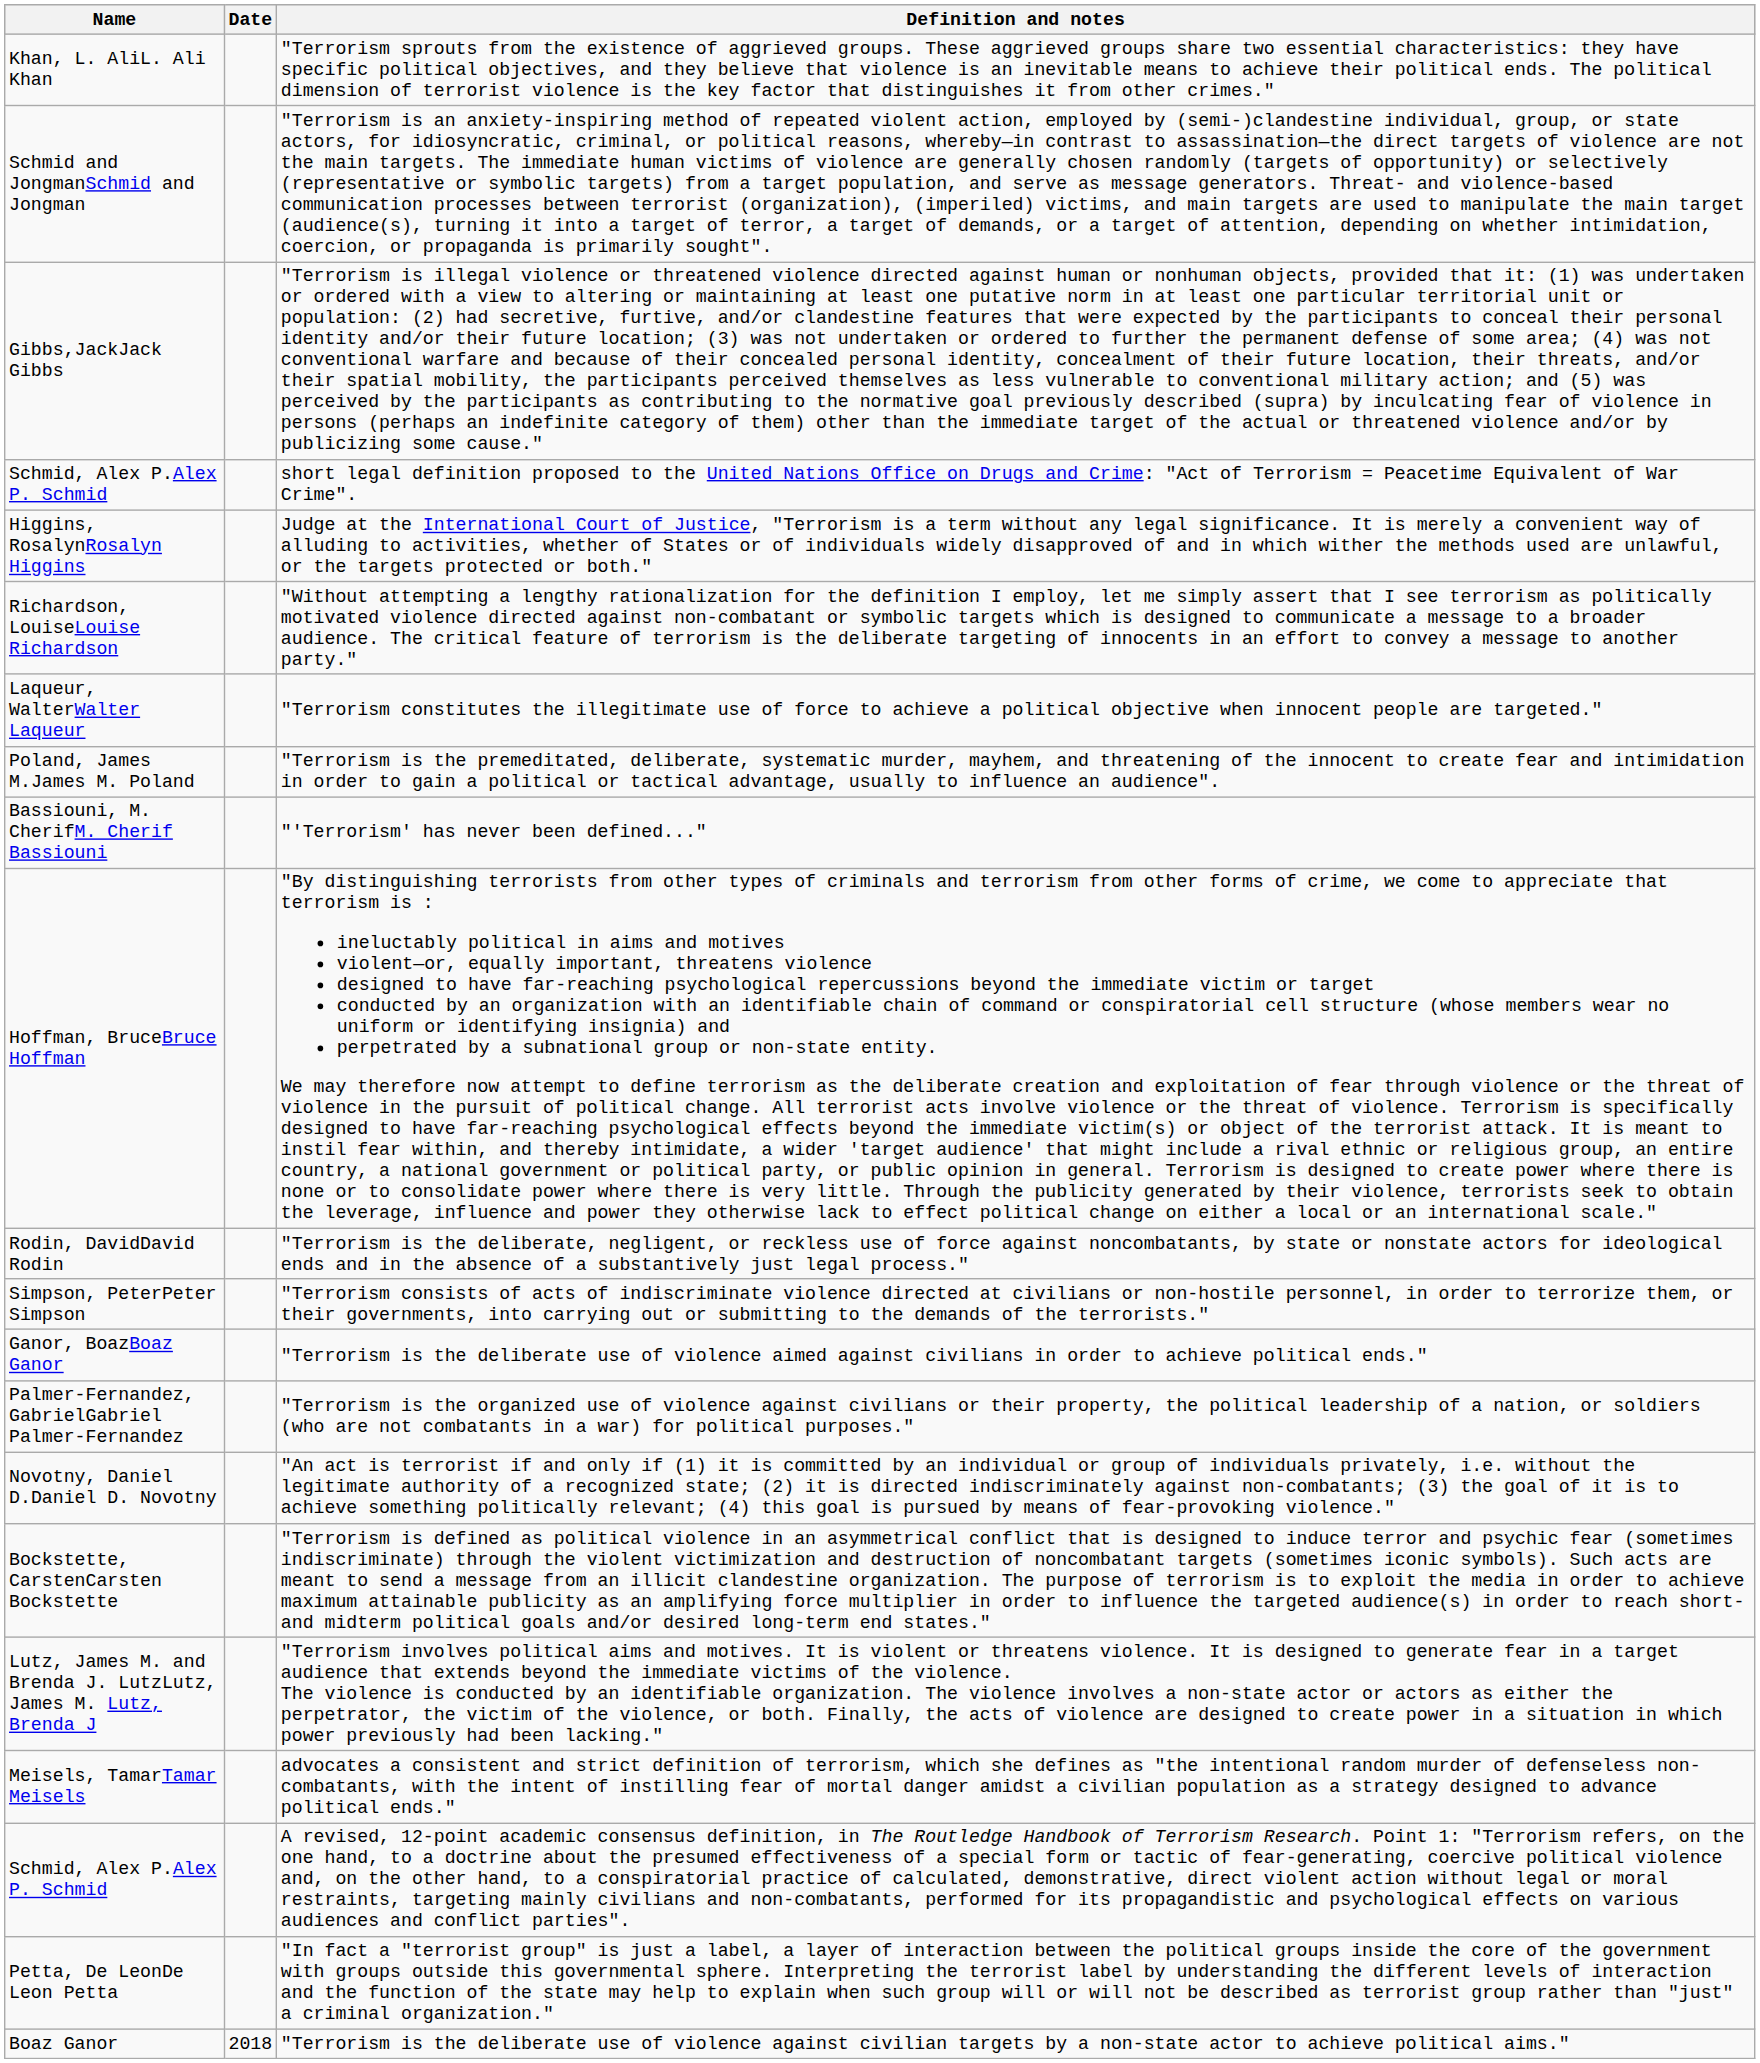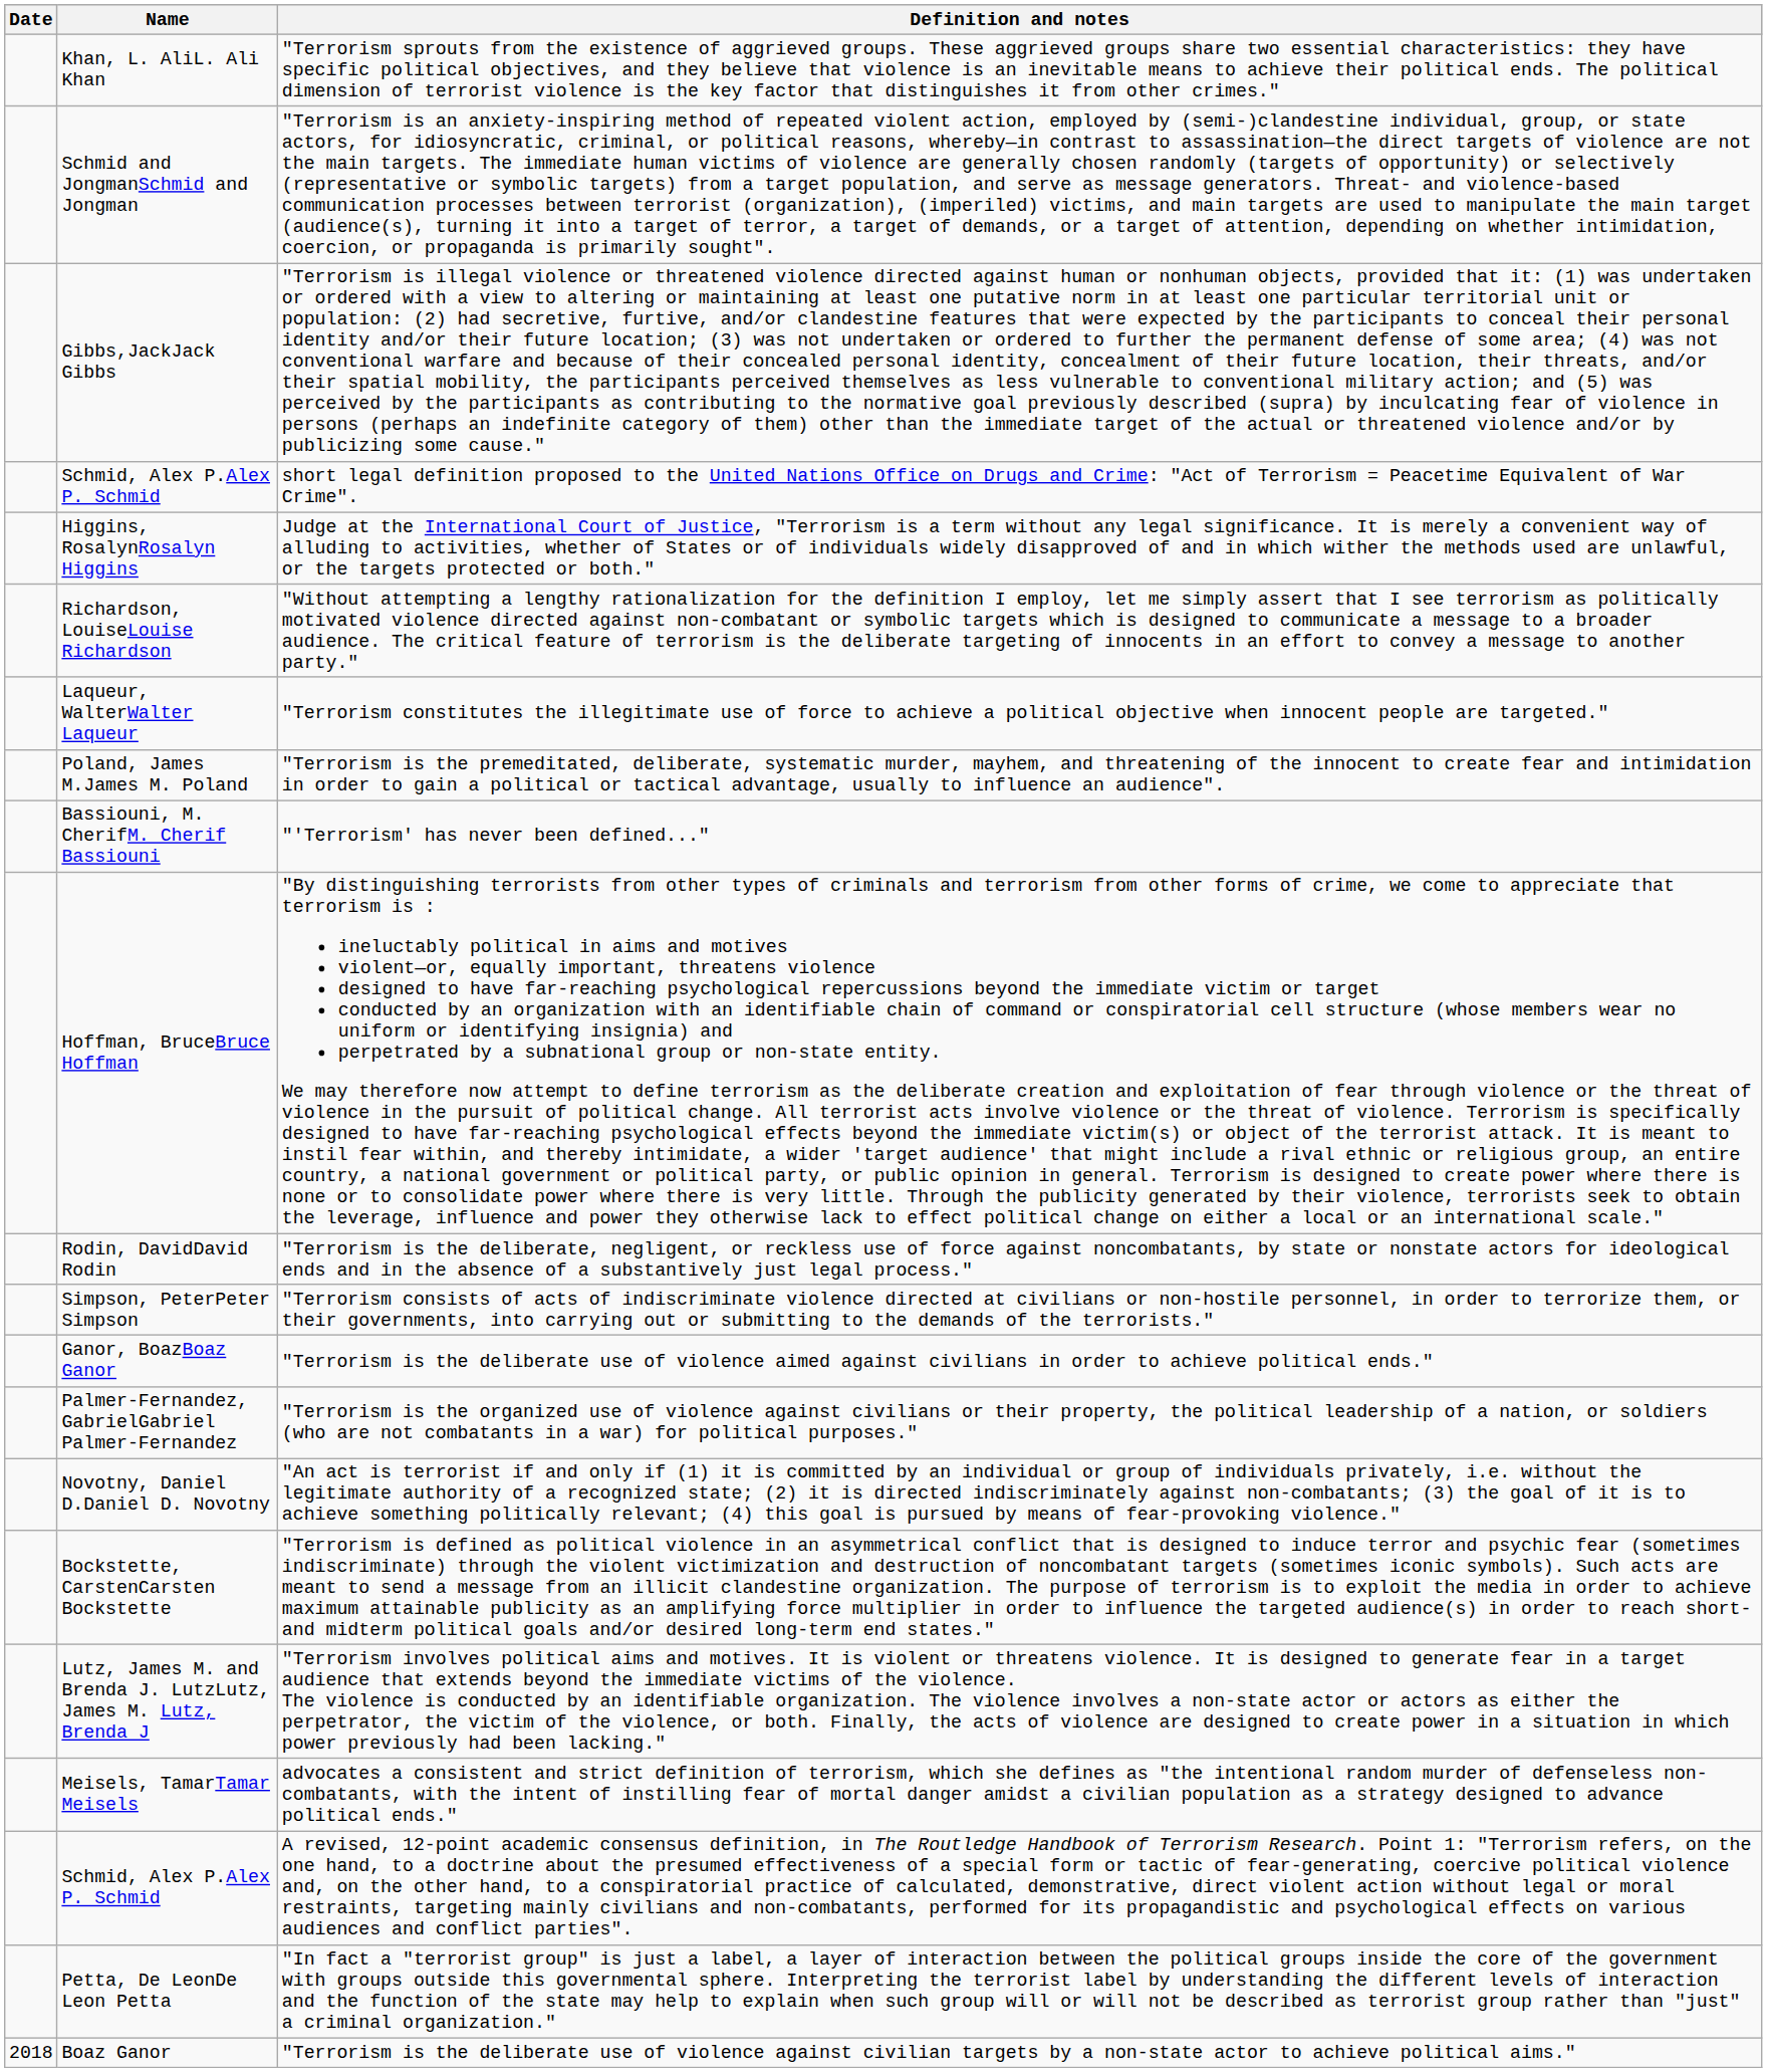 <table class="wikitable sortable">
 <tr style="background:silver">
+<th style= style="width:7%;">Date</th>
 <th style= style="width:14%;">Name</th>
-<th style= style="width:7%;">Date</th>
 <th class="unsortable">Definition and notes</th>
 </tr>
 <tr>
+<td></td>
 <td><span>Khan, L. Ali</span>L. Ali Khan</td>
-<td></td>
 <td>"Terrorism sprouts from the existence of aggrieved groups. These aggrieved groups share two essential characteristics: they have specific political objectives, and they believe that violence is an inevitable means to achieve their political ends. The political dimension of terrorist violence is the key factor that distinguishes it from other crimes."</td>
 </tr>
 <tr>
+<td></td>
 <td><span>Schmid and Jongman</span><a href='#'>Schmid</a> and Jongman</td>
-<td></td>
 <td>"Terrorism is an anxiety-inspiring method of repeated violent action, employed by (semi-)clandestine individual, group, or state actors, for idiosyncratic, criminal, or political reasons, whereby—in contrast to assassination—the direct targets of violence are not the main targets. The immediate human victims of violence are generally chosen randomly (targets of opportunity) or selectively (representative or symbolic targets) from a target population, and serve as message generators. Threat- and violence-based communication processes between terrorist (organization), (imperiled) victims, and main targets are used to manipulate the main target (audience(s), turning it into a target of terror, a target of demands, or a target of attention, depending on whether intimidation, coercion, or propaganda is primarily sought".</td>
 </tr>
 <tr>
+<td></td>
 <td><span>Gibbs,Jack</span>Jack Gibbs</td>
-<td></td>
 <td>"Terrorism is illegal violence or threatened violence directed against human or nonhuman objects, provided that it: (1) was undertaken or ordered with a view to altering or maintaining at least one putative norm in at least one particular territorial unit or population: (2) had secretive, furtive, and/or clandestine features that were expected by the participants to conceal their personal identity and/or their future location; (3) was not undertaken or ordered to further the permanent defense of some area; (4) was not conventional warfare and because of their concealed personal identity, concealment of their future location, their threats, and/or their spatial mobility, the participants perceived themselves as less vulnerable to conventional military action; and (5) was perceived by the participants as contributing to the normative goal previously described (supra) by inculcating fear of violence in persons (perhaps an indefinite category of them) other than the immediate target of the actual or threatened violence and/or by publicizing some cause."</td>
 </tr>
 <tr>
+<td></td>
 <td><span>Schmid, Alex P.</span><a href='#'>Alex P. Schmid</a></td>
-<td></td>
 <td>short legal definition proposed to the <a href='#'>United Nations Office on Drugs and Crime</a>: "Act of Terrorism = Peacetime Equivalent of War Crime".</td>
 </tr>
 <tr>
+<td></td>
 <td><span>Higgins, Rosalyn</span><a href='#'>Rosalyn Higgins</a></td>
-<td></td>
 <td>Judge at the <a href='#'>International Court of Justice</a>, "Terrorism is a term without any legal significance. It is merely a convenient way of alluding to activities, whether of States or of individuals widely disapproved of and in which wither the methods used are unlawful, or the targets protected or both."</td>
 </tr>
 <tr>
+<td></td>
 <td><span>Richardson, Louise</span><a href='#'>Louise Richardson</a></td>
-<td></td>
 <td>"Without attempting a lengthy rationalization for the definition I employ, let me simply assert that I see terrorism as politically motivated violence directed against non-combatant or symbolic targets which is designed to communicate a message to a broader audience. The critical feature of terrorism is the deliberate targeting of innocents in an effort to convey a message to another party."</td>
 </tr>
 <tr>
+<td></td>
 <td><span>Laqueur, Walter</span><a href='#'>Walter Laqueur</a></td>
-<td></td>
 <td>"Terrorism constitutes the illegitimate use of force to achieve a political objective when innocent people are targeted."</td>
 </tr>
 <tr>
+<td></td>
 <td><span>Poland, James M.</span>James M. Poland</td>
-<td></td>
 <td>"Terrorism is the premeditated, deliberate, systematic murder, mayhem, and threatening of the innocent to create fear and intimidation in order to gain a political or tactical advantage, usually to influence an audience".</td>
 </tr>
 <tr>
+<td></td>
 <td><span>Bassiouni, M. Cherif</span><a href='#'>M. Cherif Bassiouni</a></td>
-<td></td>
 <td>"'Terrorism' has never been defined..."</td>
 </tr>
 <tr>
+<td></td>
 <td><span>Hoffman, Bruce</span><a href='#'>Bruce Hoffman</a></td>
-<td></td>
 <td>"By distinguishing terrorists from other types of criminals and terrorism from other forms of crime, we come to appreciate that terrorism is :<br><ul><li>ineluctably political in aims and motives</li><li>violent—or, equally important, threatens violence</li><li>designed to have far-reaching psychological repercussions beyond the immediate victim or target</li><li>conducted by an organization with an identifiable chain of command or conspiratorial cell structure (whose members wear no uniform or identifying insignia) and</li><li>perpetrated by a subnational group or non-state entity.</li></ul>We may therefore now attempt to define terrorism as the deliberate creation and exploitation of fear through violence or the threat of violence in the pursuit of political change. All terrorist acts involve violence or the threat of violence. Terrorism is specifically designed to have far-reaching psychological effects beyond the immediate victim(s) or object of the terrorist attack. It is meant to instil fear within, and thereby intimidate, a wider 'target audience' that might include a rival ethnic or religious group, an entire country, a national government or political party, or public opinion in general. Terrorism is designed to create power where there is none or to consolidate power where there is very little. Through the publicity generated by their violence, terrorists seek to obtain the leverage, influence and power they otherwise lack to effect political change on either a local or an international scale."</td>
 </tr>
 <tr>
+<td></td>
 <td><span>Rodin, David</span>David Rodin</td>
-<td></td>
 <td>"Terrorism is the deliberate, negligent, or reckless use of force against noncombatants, by state or nonstate actors for ideological ends and in the absence of a substantively just legal process."</td>
 </tr>
 <tr>
+<td></td>
 <td><span>Simpson, Peter</span>Peter Simpson</td>
-<td></td>
 <td>"Terrorism consists of acts of indiscriminate violence directed at civilians or non-hostile personnel, in order to terrorize them, or their governments, into carrying out or submitting to the demands of the terrorists."</td>
 </tr>
 <tr>
+<td></td>
 <td><span>Ganor, Boaz</span><a href='#'>Boaz Ganor</a></td>
-<td></td>
 <td>"Terrorism is the deliberate use of violence aimed against civilians in order to achieve political ends."</td>
 </tr>
 <tr>
+<td></td>
 <td><span>Palmer-Fernandez, Gabriel</span>Gabriel Palmer-Fernandez</td>
-<td></td>
 <td>"Terrorism is the organized use of violence against civilians or their property, the political leadership of a nation, or soldiers (who are not combatants in a war) for political purposes."</td>
 </tr>
 <tr>
+<td></td>
 <td><span>Novotny, Daniel D.</span>Daniel D. Novotny</td>
-<td></td>
 <td>"An act is terrorist if and only if (1) it is committed by an individual or group of individuals privately, i.e. without the legitimate authority of a recognized state; (2) it is directed indiscriminately against non-combatants; (3) the goal of it is to achieve something politically relevant; (4) this goal is pursued by means of fear-provoking violence."</td>
 </tr>
 <tr>
+<td></td>
 <td><span>Bockstette, Carsten</span>Carsten Bockstette</td>
-<td></td>
 <td>"Terrorism is defined as political violence in an asymmetrical conflict that is designed to induce terror and psychic fear (sometimes indiscriminate) through the violent victimization and destruction of noncombatant targets (sometimes iconic symbols). Such acts are meant to send a message from an illicit clandestine organization. The purpose of terrorism is to exploit the media in order to achieve maximum attainable publicity as an amplifying force multiplier in order to influence the targeted audience(s) in order to reach short- and midterm political goals and/or desired long-term end states."</td>
 </tr>
 <tr>
+<td></td>
 <td><span>Lutz, James M. and Brenda J. Lutz</span>Lutz, James M. <a href='#'>Lutz, Brenda J</a></td>
-<td></td>
 <td>"Terrorism involves political aims and motives.  It is violent or threatens violence.  It is designed to generate fear in a target audience that extends beyond the immediate victims of the violence.<br>The violence is conducted by an identifiable organization.  The violence involves a non-state actor or actors as either the perpetrator, the victim of the violence, or both.  Finally, the acts of violence are designed to create power in a situation in which power previously had been lacking."</td>
 </tr>
 <tr>
+<td></td>
 <td><span>Meisels, Tamar</span><a href='#'>Tamar Meisels</a></td>
-<td></td>
 <td>advocates a consistent and strict definition of terrorism, which she defines as "the intentional random murder of defenseless non-combatants, with the intent of instilling fear of mortal danger amidst a civilian population as a strategy designed to advance political ends."</td>
 </tr>
 <tr>
+<td></td>
 <td><span>Schmid, Alex P.</span><a href='#'>Alex P. Schmid</a></td>
-<td></td>
 <td>A revised, 12-point academic consensus definition, in <em>The Routledge Handbook of Terrorism Research</em>. Point 1: "Terrorism refers, on the one hand, to a doctrine about the presumed effectiveness of a special form or tactic of fear-generating, coercive political violence and, on the other hand, to a conspiratorial practice of calculated, demonstrative, direct violent action without legal or moral restraints, targeting mainly civilians and non-combatants, performed for its propagandistic and psychological effects on various audiences and conflict parties".</td>
 </tr>
 <tr>
+<td></td>
 <td><span>Petta, De Leon</span>De Leon Petta</td>
-<td></td>
 <td>"In fact a "terrorist group" is just a label, a layer of interaction between the political groups inside the core of the government with groups outside this governmental sphere. Interpreting the terrorist label by understanding the different levels of interaction and the function of the state may help to explain when such group will or will not be described as terrorist group rather than "just" a criminal organization."</td>
 </tr>
 <tr>
+<td>2018</td>
 <td>Boaz Ganor</td>
-<td>2018</td>
 <td>"Terrorism is the deliberate use of violence against civilian targets by a non-state actor to achieve political aims."</td>
 </tr>
 </table>
